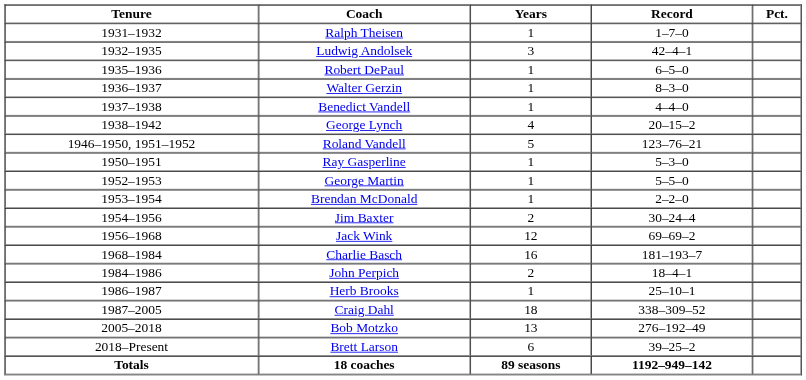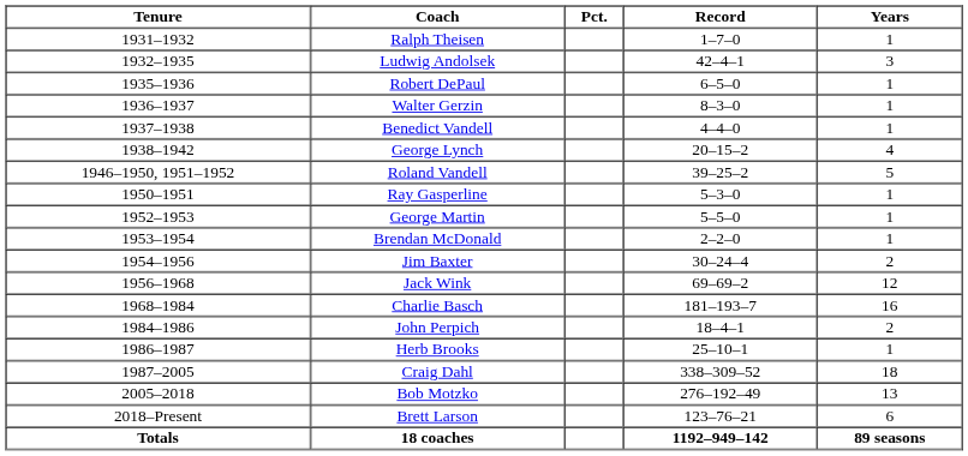 <table cellpadding="1" border="1" cellspacing="0" width="60%">
 <tr>
 <th>Tenure</th>
 <th>Coach</th>
+<th>Pct.</th>
+<th>Record</th>
 <th>Years</th>
-<th>Record</th>
-<th>Pct.</th>
 </tr>
 <tr align="center">
 <td>1931–1932</td>
 <td><a href='#'>Ralph Theisen</a></td>
+<td></td>
+<td>1–7–0</td>
 <td>1</td>
-<td>1–7–0</td>
-<td></td>
 </tr>
 <tr align="center">
 <td>1932–1935</td>
 <td><a href='#'>Ludwig Andolsek</a></td>
+<td></td>
+<td>42–4–1</td>
 <td>3</td>
-<td>42–4–1</td>
-<td></td>
 </tr>
 <tr align="center">
 <td>1935–1936</td>
 <td><a href='#'>Robert DePaul</a></td>
+<td></td>
+<td>6–5–0</td>
 <td>1</td>
-<td>6–5–0</td>
-<td></td>
 </tr>
 <tr align="center">
 <td>1936–1937</td>
 <td><a href='#'>Walter Gerzin</a></td>
+<td></td>
+<td>8–3–0</td>
 <td>1</td>
-<td>8–3–0</td>
-<td></td>
 </tr>
 <tr align="center">
 <td>1937–1938</td>
 <td><a href='#'>Benedict Vandell</a></td>
+<td></td>
+<td>4–4–0</td>
 <td>1</td>
-<td>4–4–0</td>
-<td></td>
 </tr>
 <tr align="center">
 <td>1938–1942</td>
 <td><a href='#'>George Lynch</a></td>
+<td></td>
+<td>20–15–2</td>
 <td>4</td>
-<td>20–15–2</td>
-<td></td>
 </tr>
 <tr align="center">
 <td>1946–1950, 1951–1952</td>
 <td><a href='#'>Roland Vandell</a></td>
+<td></td>
+<td>39–25–2</td>
 <td>5</td>
-<td>123–76–21</td>
-<td></td>
 </tr>
 <tr align="center">
 <td>1950–1951</td>
 <td><a href='#'>Ray Gasperline</a></td>
+<td></td>
+<td>5–3–0</td>
 <td>1</td>
-<td>5–3–0</td>
-<td></td>
 </tr>
 <tr align="center">
 <td>1952–1953</td>
 <td><a href='#'>George Martin</a></td>
+<td></td>
+<td>5–5–0</td>
 <td>1</td>
-<td>5–5–0</td>
-<td></td>
 </tr>
 <tr align="center">
 <td>1953–1954</td>
 <td><a href='#'>Brendan McDonald</a></td>
+<td></td>
+<td>2–2–0</td>
 <td>1</td>
-<td>2–2–0</td>
-<td></td>
 </tr>
 <tr align="center">
 <td>1954–1956</td>
 <td><a href='#'>Jim Baxter</a></td>
+<td></td>
+<td>30–24–4</td>
 <td>2</td>
-<td>30–24–4</td>
-<td></td>
 </tr>
 <tr align="center">
 <td>1956–1968</td>
 <td><a href='#'>Jack Wink</a></td>
+<td></td>
+<td>69–69–2</td>
 <td>12</td>
-<td>69–69–2</td>
-<td></td>
 </tr>
 <tr align="center">
 <td>1968–1984</td>
 <td><a href='#'>Charlie Basch</a></td>
+<td></td>
+<td>181–193–7</td>
 <td>16</td>
-<td>181–193–7</td>
-<td></td>
 </tr>
 <tr align="center">
 <td>1984–1986</td>
 <td><a href='#'>John Perpich</a></td>
+<td></td>
+<td>18–4–1</td>
 <td>2</td>
-<td>18–4–1</td>
-<td></td>
 </tr>
 <tr align="center">
 <td>1986–1987</td>
 <td><a href='#'>Herb Brooks</a></td>
+<td></td>
+<td>25–10–1</td>
 <td>1</td>
-<td>25–10–1</td>
-<td></td>
 </tr>
 <tr align="center">
 <td>1987–2005</td>
 <td><a href='#'>Craig Dahl</a></td>
+<td></td>
+<td>338–309–52</td>
 <td>18</td>
-<td>338–309–52</td>
-<td></td>
 </tr>
 <tr align="center">
 <td>2005–2018</td>
 <td><a href='#'>Bob Motzko</a></td>
+<td></td>
+<td>276–192–49</td>
 <td>13</td>
-<td>276–192–49</td>
-<td></td>
 </tr>
 <tr align="center">
 <td>2018–Present</td>
 <td><a href='#'>Brett Larson</a></td>
+<td></td>
+<td>123–76–21</td>
 <td>6</td>
-<td>39–25–2</td>
-<td></td>
 </tr>
 <tr align=center>
 <th>Totals</th>
 <th>18 coaches</th>
+<th></th>
+<th>1192–949–142</th>
 <th>89 seasons</th>
-<th>1192–949–142</th>
-<th></th>
 </tr>
 </table>
